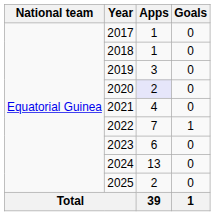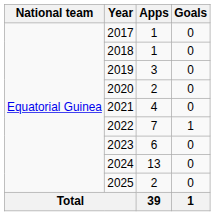 <table class="wikitable" style="text-align:center">
 <tr>
 <th>National team</th>
 <th>Year</th>
 <th>Apps</th>
 <th>Goals</th>
 </tr>
 <tr>
 <td rowspan="9"><a href='#'>Equatorial Guinea</a></td>
 <td>2017</td>
 <td>1</td>
 <td>0</td>
 </tr>
 <tr>
 <td>2018</td>
 <td>1</td>
 <td>0</td>
 </tr>
 <tr>
 <td>2019</td>
 <td>3</td>
 <td>0</td>
 </tr>
 <tr>
 <td>2020</td>
-<td style="background: lavender;">2</td>
+<td>2</td>
 <td>0</td>
 </tr>
 <tr>
 <td>2021</td>
 <td>4</td>
 <td>0</td>
 </tr>
 <tr>
 <td>2022</td>
 <td>7</td>
 <td>1</td>
 </tr>
 <tr>
 <td>2023</td>
 <td>6</td>
 <td>0</td>
 </tr>
 <tr>
 <td>2024</td>
 <td>13</td>
 <td>0</td>
 </tr>
 <tr>
 <td>2025</td>
 <td>2</td>
 <td>0</td>
 </tr>
 <tr>
 <th colspan=2>Total</th>
 <th>39</th>
 <th>1</th>
 </tr>
 </table>
